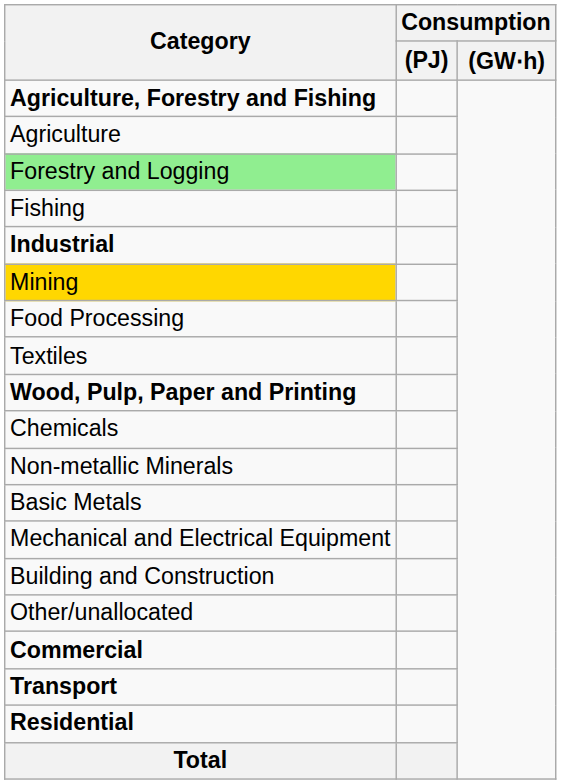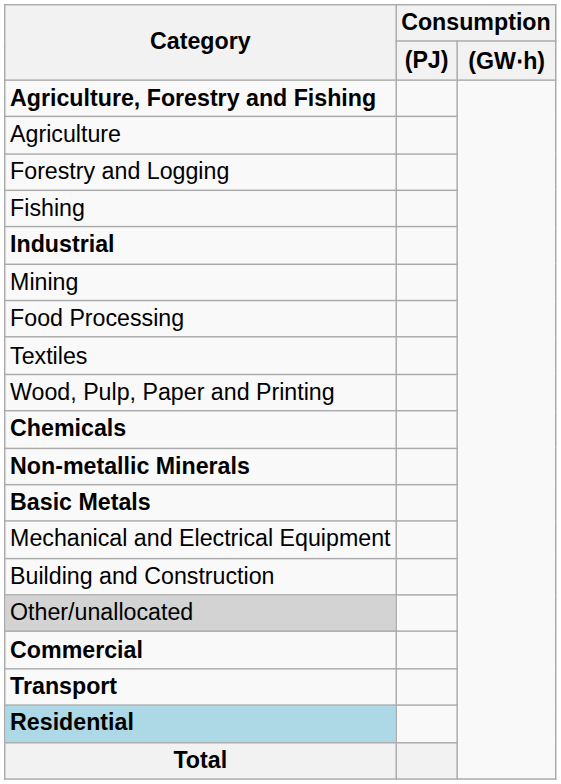 <table class="wikitable">
 <tr>
 <th rowspan=2>Category</th>
 <th colspan=2>Consumption</th>
 </tr>
 <tr>
 <th>(PJ)</th>
 <th>(GW⋅h)</th>
 </tr>
 <tr>
 <td><strong>Agriculture, Forestry and Fishing</strong></td>
 <td></td>
 </tr>
 <tr>
 <td>Agriculture</td>
 <td></td>
 </tr>
 <tr>
-<td style="background: lightgreen;">Forestry and Logging</td>
+<td>Forestry and Logging</td>
 <td></td>
 </tr>
 <tr>
 <td>Fishing</td>
 <td></td>
 </tr>
 <tr>
 <td><strong>Industrial</strong></td>
 <td></td>
 </tr>
 <tr>
-<td style="background: gold;">Mining</td>
+<td>Mining</td>
 <td></td>
 </tr>
 <tr>
 <td>Food Processing</td>
 <td></td>
 </tr>
 <tr>
 <td>Textiles</td>
 <td></td>
 </tr>
 <tr>
-<td><strong>Wood, Pulp, Paper and Printing</strong></td>
+<td>Wood, Pulp, Paper and Printing</td>
 <td></td>
 </tr>
 <tr>
-<td>Chemicals</td>
+<td><strong>Chemicals</strong></td>
 <td></td>
 </tr>
 <tr>
-<td>Non-metallic Minerals</td>
+<td><strong>Non-metallic Minerals</strong></td>
 <td></td>
 </tr>
 <tr>
-<td>Basic Metals</td>
+<td><strong>Basic Metals</strong></td>
 <td></td>
 </tr>
 <tr>
 <td>Mechanical and Electrical Equipment</td>
 <td></td>
 </tr>
 <tr>
 <td>Building and Construction</td>
 <td></td>
 </tr>
 <tr>
-<td>Other/unallocated</td>
+<td style="background: lightgrey;">Other/unallocated</td>
 <td></td>
 </tr>
 <tr>
 <td><strong>Commercial</strong></td>
 <td></td>
 </tr>
 <tr>
 <td><strong>Transport</strong></td>
 <td></td>
 </tr>
 <tr>
-<td><strong>Residential</strong></td>
+<td style="background: lightblue;"><strong>Residential</strong></td>
 <td></td>
 </tr>
 <tr>
 <th>Total</th>
 <th></th>
 </tr>
 </table>
